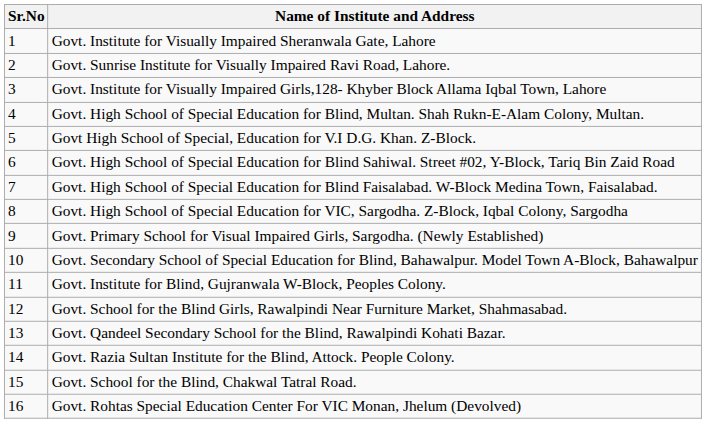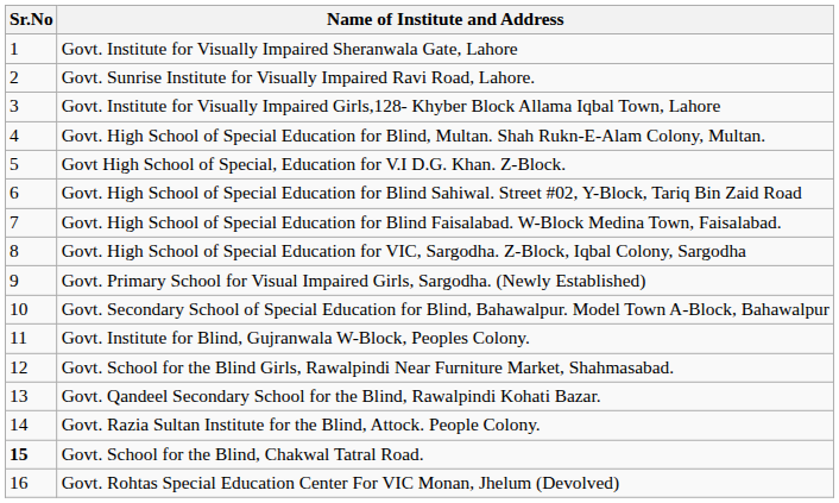 <table class="wikitable">
 <tr>
 <th>Sr.No</th>
 <th>Name of Institute and Address</th>
 </tr>
 <tr>
 <td>1</td>
 <td>Govt. Institute for Visually Impaired Sheranwala Gate, Lahore</td>
 </tr>
 <tr>
 <td>2</td>
 <td>Govt. Sunrise Institute for Visually Impaired Ravi Road, Lahore.</td>
 </tr>
 <tr>
 <td>3</td>
 <td>Govt. Institute for Visually Impaired Girls,128- Khyber Block Allama Iqbal Town, Lahore</td>
 </tr>
 <tr>
 <td>4</td>
 <td>Govt. High School of Special Education for Blind, Multan. Shah Rukn-E-Alam Colony, Multan.</td>
 </tr>
 <tr>
 <td>5</td>
 <td>Govt  High School of Special, Education for V.I D.G. Khan. Z-Block.</td>
 </tr>
 <tr>
 <td>6</td>
 <td>Govt. High School of Special Education for Blind Sahiwal. Street #02, Y-Block, Tariq Bin Zaid Road</td>
 </tr>
 <tr>
 <td>7</td>
 <td>Govt. High School of Special Education for Blind Faisalabad. W-Block Medina Town, Faisalabad.</td>
 </tr>
 <tr>
 <td>8</td>
 <td>Govt. High School of Special Education for VIC, Sargodha. Z-Block, Iqbal Colony, Sargodha</td>
 </tr>
 <tr>
 <td>9</td>
 <td>Govt. Primary School for Visual Impaired Girls, Sargodha. (Newly Established)</td>
 </tr>
 <tr>
 <td>10</td>
 <td>Govt. Secondary School of Special Education for Blind, Bahawalpur. Model Town A-Block, Bahawalpur</td>
 </tr>
 <tr>
 <td>11</td>
 <td>Govt. Institute for Blind, Gujranwala W-Block, Peoples Colony.</td>
 </tr>
 <tr>
 <td>12</td>
 <td>Govt. School for the Blind Girls, Rawalpindi Near Furniture Market, Shahmasabad.</td>
 </tr>
 <tr>
 <td>13</td>
 <td>Govt. Qandeel Secondary School for the Blind, Rawalpindi Kohati Bazar.</td>
 </tr>
 <tr>
 <td>14</td>
 <td>Govt. Razia Sultan Institute for the Blind, Attock. People Colony.</td>
 </tr>
 <tr>
-<td>15</td>
+<td><strong>15</strong></td>
 <td>Govt. School for the Blind, Chakwal Tatral Road.</td>
 </tr>
 <tr>
 <td>16</td>
 <td>Govt. Rohtas Special Education Center For VIC Monan, Jhelum (Devolved)</td>
 </tr>
 </table>
